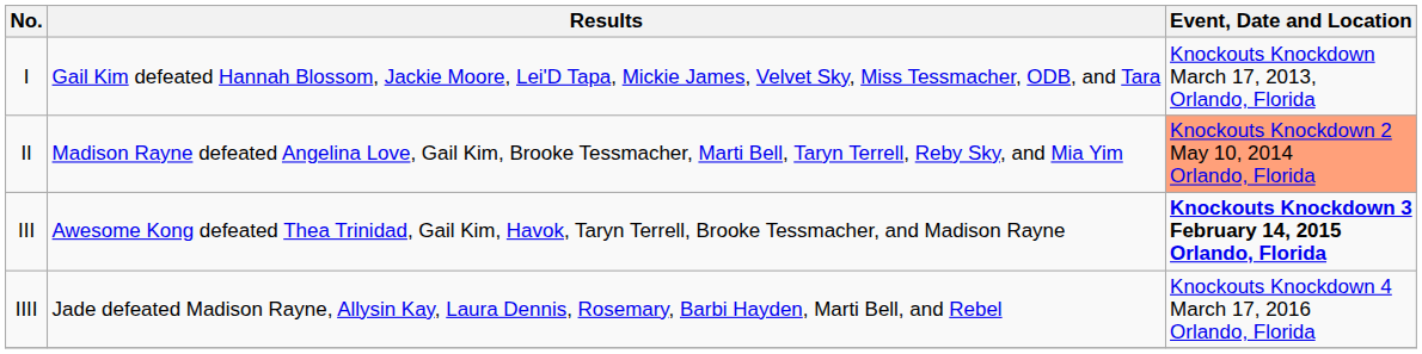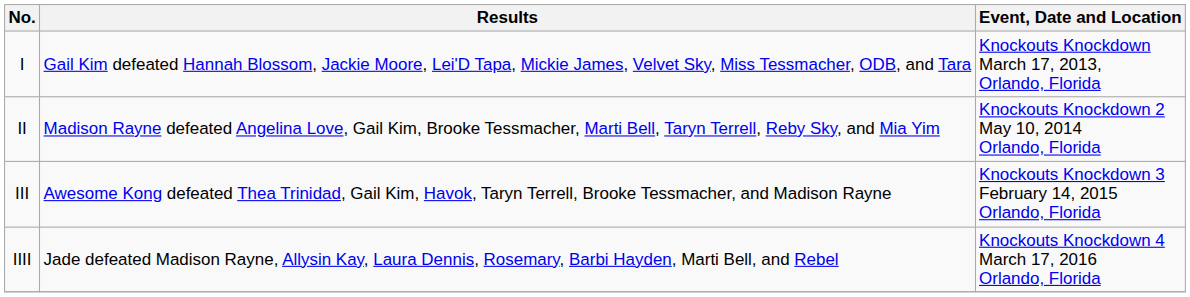 <table class="wikitable">
 <tr>
 <th>No.</th>
 <th>Results</th>
 <th>Event, Date and Location</th>
 </tr>
 <tr>
 <td align=center>I</td>
 <td><a href='#'>Gail Kim</a> defeated <a href='#'>Hannah Blossom</a>, <a href='#'>Jackie Moore</a>, <a href='#'>Lei'D Tapa</a>, <a href='#'>Mickie James</a>, <a href='#'>Velvet Sky</a>, <a href='#'>Miss Tessmacher</a>, <a href='#'>ODB</a>, and <a href='#'>Tara</a></td>
 <td><a href='#'>Knockouts Knockdown</a><br>March 17, 2013,<br><a href='#'>Orlando, Florida</a></td>
 </tr>
 <tr>
 <td align=center>II</td>
 <td><a href='#'>Madison Rayne</a> defeated <a href='#'>Angelina Love</a>, Gail Kim, Brooke Tessmacher, <a href='#'>Marti Bell</a>, <a href='#'>Taryn Terrell</a>, <a href='#'>Reby Sky</a>, and <a href='#'>Mia Yim</a></td>
-<td style="background: lightsalmon;"><a href='#'>Knockouts Knockdown 2</a><br>May 10, 2014<br><a href='#'>Orlando, Florida</a></td>
+<td><a href='#'>Knockouts Knockdown 2</a><br>May 10, 2014<br><a href='#'>Orlando, Florida</a></td>
 </tr>
 <tr>
 <td align=center>III</td>
 <td><a href='#'>Awesome Kong</a> defeated <a href='#'>Thea Trinidad</a>, Gail Kim, <a href='#'>Havok</a>, Taryn Terrell, Brooke Tessmacher, and Madison Rayne</td>
-<td><strong><a href='#'>Knockouts Knockdown 3</a><br>February 14, 2015<br><a href='#'>Orlando, Florida</a></strong></td>
+<td><a href='#'>Knockouts Knockdown 3</a><br>February 14, 2015<br><a href='#'>Orlando, Florida</a></td>
 </tr>
 <tr>
 <td align=center>IIII</td>
 <td>Jade defeated Madison Rayne, <a href='#'>Allysin Kay</a>, <a href='#'>Laura Dennis</a>, <a href='#'>Rosemary</a>, <a href='#'>Barbi Hayden</a>, Marti Bell, and <a href='#'>Rebel</a></td>
 <td><a href='#'>Knockouts Knockdown 4</a><br>March 17, 2016<br><a href='#'>Orlando, Florida</a></td>
 </tr>
 <tr>
 </tr>
 </table>
